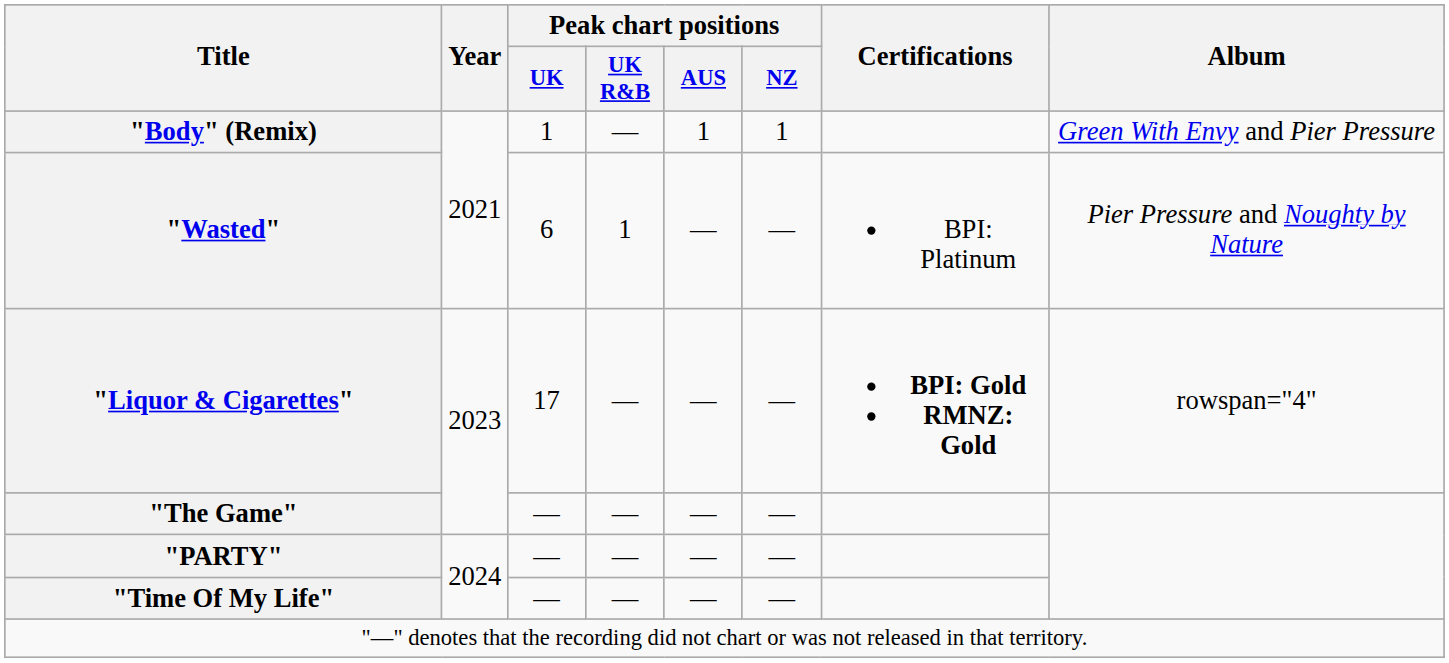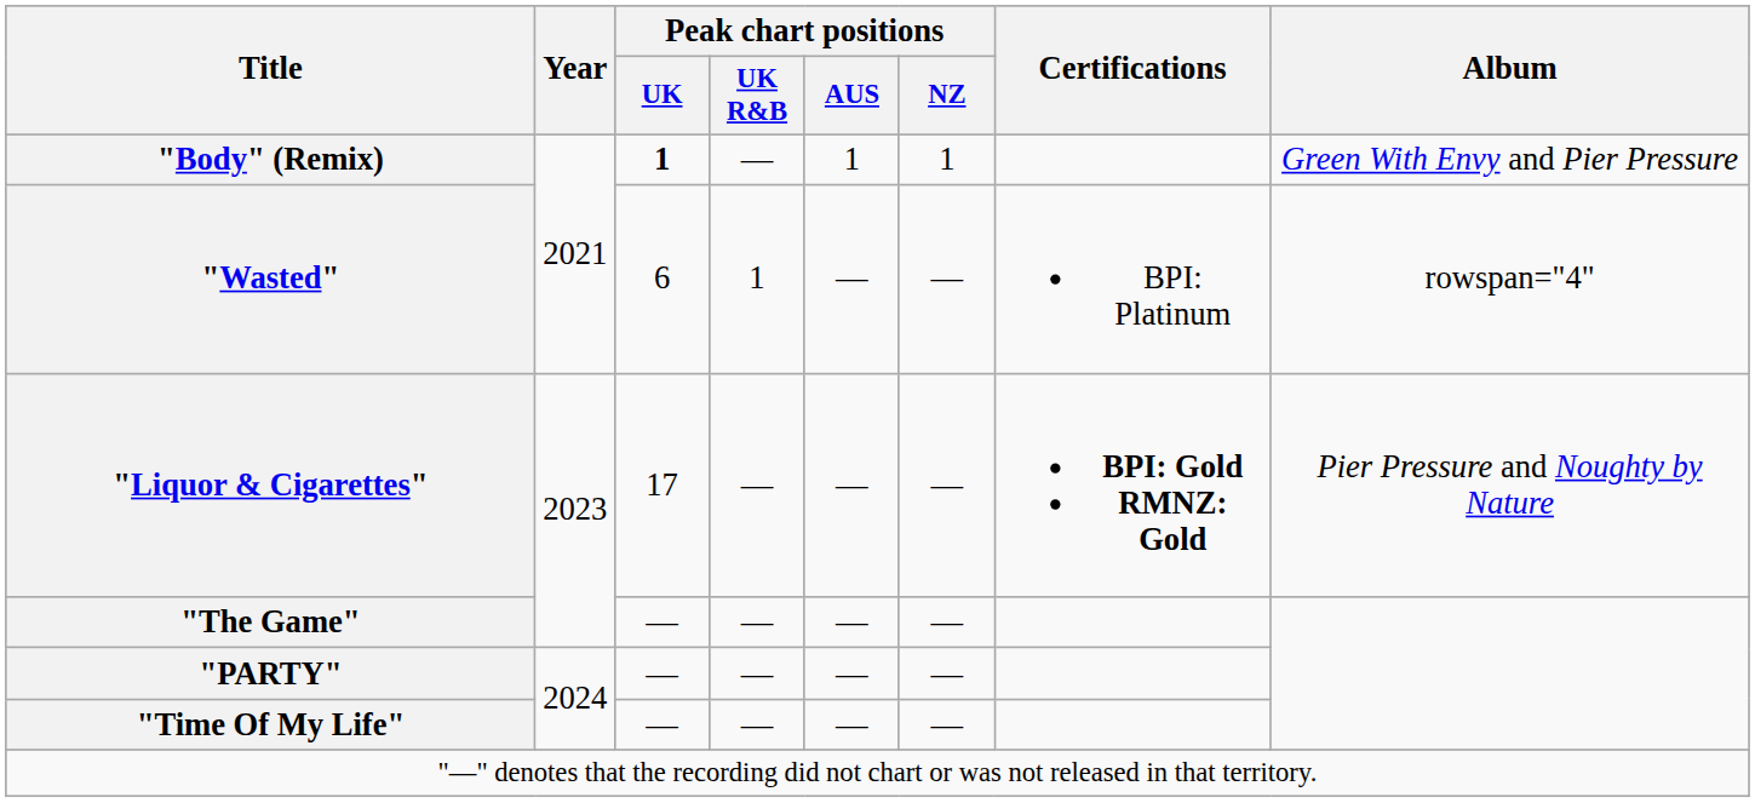 <table class="wikitable plainrowheaders" style="text-align:center;">
 <tr>
 <th scope="col" rowspan="2" style="width:16em;">Title</th>
 <th scope="col" rowspan="2">Year</th>
 <th scope="col" colspan="4">Peak chart positions</th>
 <th scope="col" rowspan="2">Certifications</th>
 <th scope="col" rowspan="2">Album</th>
 </tr>
 <tr>
 <th scope="col" style="width:3em;font-size:85%;"><a href='#'>UK</a><br></th>
 <th scope="col" style="width:3em;font-size:85%;"><a href='#'>UK<br>R&B</a><br></th>
 <th scope="col" style="width:3em;font-size:85%;"><a href='#'>AUS</a><br></th>
 <th scope="col" style="width:3em;font-size:85%;"><a href='#'>NZ</a><br></th>
 </tr>
 <tr>
 <th scope="row">"<a href='#'>Body</a>" (Remix)<br></th>
 <td rowspan="2">2021</td>
-<td>1</td>
+<td><strong>1</strong></td>
 <td>—</td>
 <td>1</td>
 <td>1</td>
 <td></td>
 <td><em><a href='#'>Green With Envy</a></em> and <em>Pier Pressure</em></td>
 </tr>
 <tr>
 <th scope="row">"<a href='#'>Wasted</a>"<br></th>
 <td>6</td>
 <td>1</td>
 <td>—</td>
 <td>—</td>
 <td><br><ul><li>BPI: Platinum</li></ul></td>
-<td><em>Pier Pressure</em> and <em><a href='#'>Noughty by Nature</a></em></td>
+<td>rowspan="4" </td>
 </tr>
 <tr>
 <th scope="row">"<a href='#'>Liquor & Cigarettes</a>"<br></th>
 <td rowspan="2">2023</td>
 <td>17</td>
 <td>—</td>
 <td>—</td>
 <td>—</td>
 <td><strong><br><ul><li>BPI: Gold</li><li>RMNZ: Gold</li></ul></strong></td>
-<td>rowspan="4" </td>
+<td><em>Pier Pressure</em> and <em><a href='#'>Noughty by Nature</a></em></td>
 </tr>
 <tr>
 <th scope="row">"The Game"<br></th>
 <td>—</td>
 <td>—</td>
 <td>—</td>
 <td>—</td>
 <td></td>
 </tr>
 <tr>
 <th scope="row">"PARTY"<br></th>
 <td rowspan="2">2024</td>
 <td>—</td>
 <td>—</td>
 <td>—</td>
 <td>—</td>
 <td></td>
 </tr>
 <tr>
 <th scope="row">"Time Of My Life"<br></th>
 <td>—</td>
 <td>—</td>
 <td>—</td>
 <td>—</td>
 <td></td>
 </tr>
 <tr>
 <td colspan="19" style="font-size:85%">"—" denotes that the recording did not chart or was not released in that territory.</td>
 </tr>
 </table>
